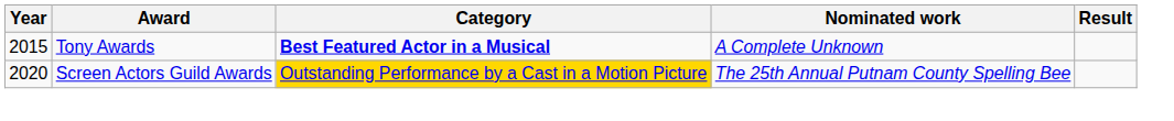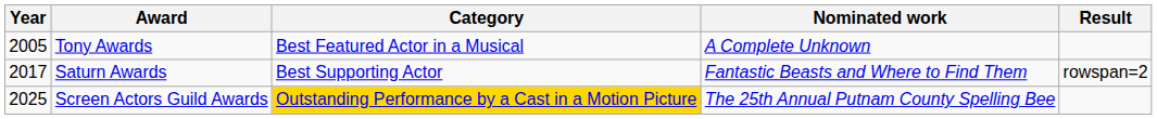 <table class="wikitable">
 <tr>
 <th>Year</th>
 <th>Award</th>
 <th>Category</th>
 <th>Nominated work</th>
 <th>Result</th>
 </tr>
 <tr>
-<td>2015</td>
+<td>2005</td>
 <td><a href='#'>Tony Awards</a></td>
-<td><strong><a href='#'>Best Featured Actor in a Musical</a></strong></td>
+<td><a href='#'>Best Featured Actor in a Musical</a></td>
 <td><em><a href='#'>A Complete Unknown</a></em></td>
 <td></td>
 </tr>
 <tr>
-<td>2020</td>
+<td>2017</td>
+<td><a href='#'>Saturn Awards</a></td>
+<td><a href='#'>Best Supporting Actor</a></td>
+<td><em><a href='#'>Fantastic Beasts and Where to Find Them</a></em></td>
+<td>rowspan=2 </td>
+</tr>
+<tr>
+<td>2025</td>
 <td><a href='#'>Screen Actors Guild Awards</a></td>
 <td style="background: gold;"><a href='#'>Outstanding Performance by a Cast in a Motion Picture</a></td>
 <td><em><a href='#'>The 25th Annual Putnam County Spelling Bee</a></em></td>
 </tr>
 </table>
